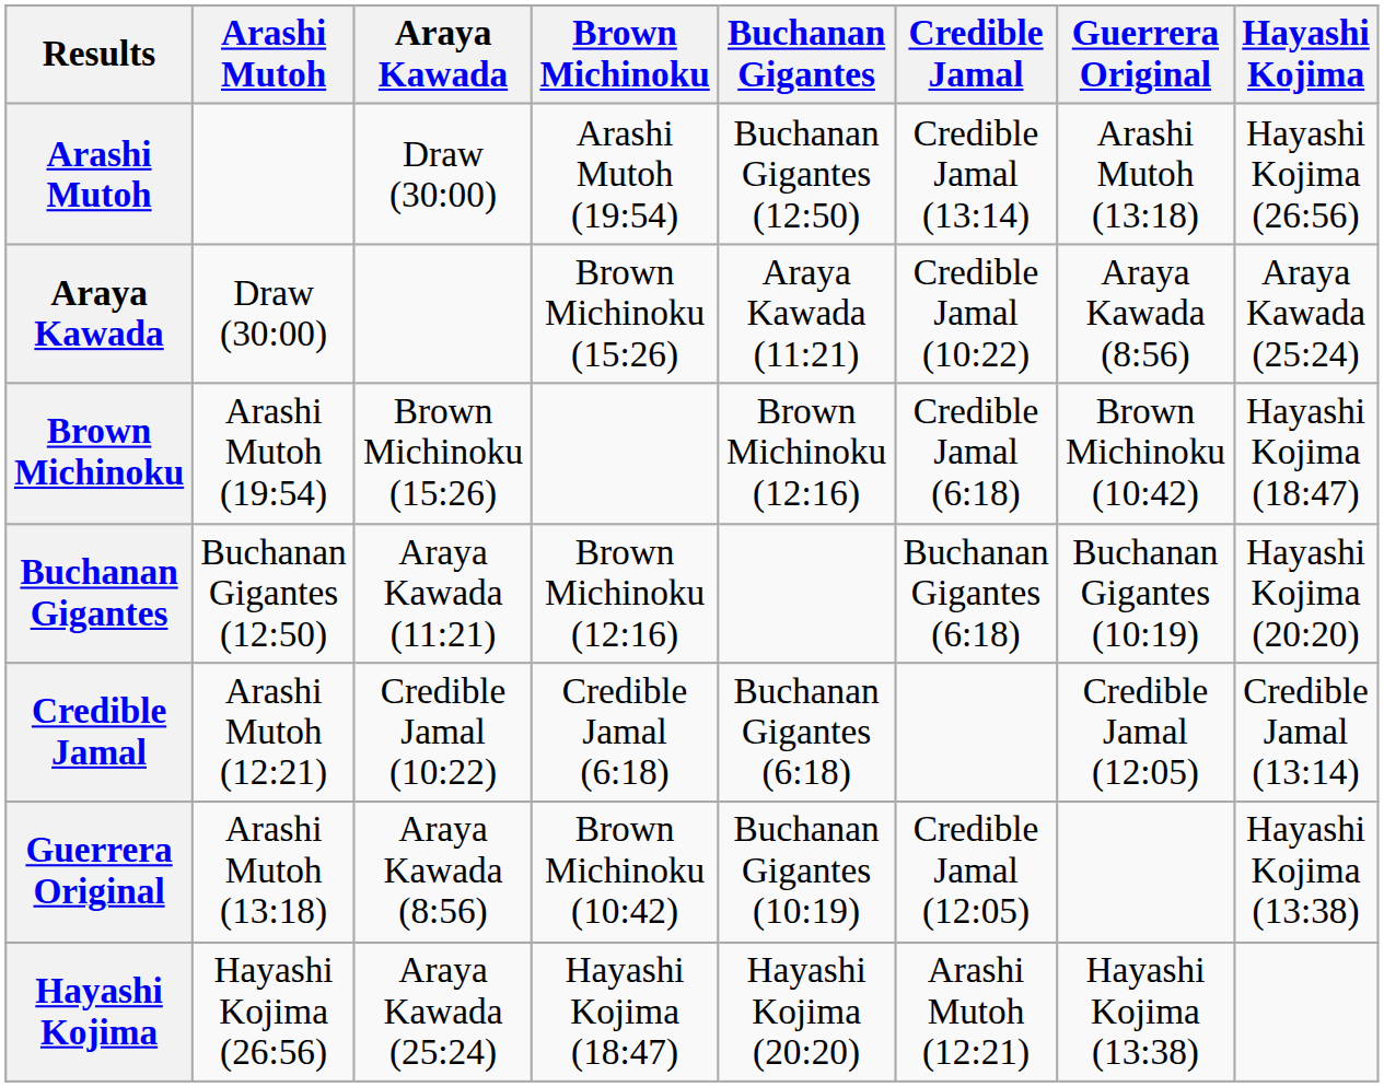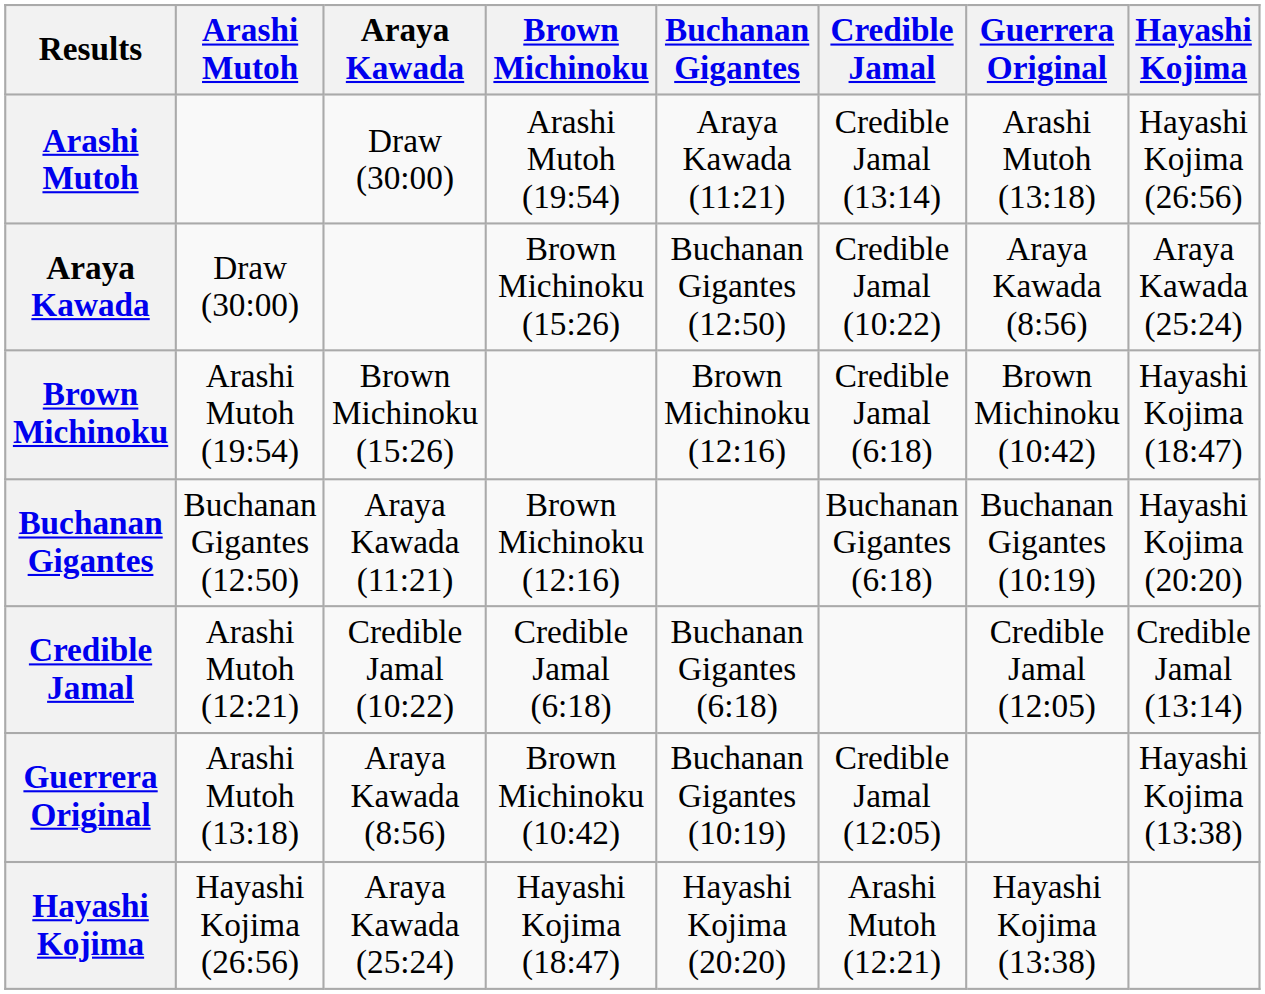 <table class="wikitable" style="text-align:center; margin: 1em auto 1em auto">
 <tr>
 <th>Results</th>
 <th><a href='#'>Arashi</a><br><a href='#'>Mutoh</a></th>
 <th>Araya<br><a href='#'>Kawada</a></th>
 <th><a href='#'>Brown</a><br><a href='#'>Michinoku</a></th>
 <th><a href='#'>Buchanan</a><br><a href='#'>Gigantes</a></th>
 <th><a href='#'>Credible</a><br><a href='#'>Jamal</a></th>
 <th><a href='#'>Guerrera</a><br><a href='#'>Original</a></th>
 <th><a href='#'>Hayashi</a><br><a href='#'>Kojima</a></th>
 </tr>
 <tr>
 <th><a href='#'>Arashi</a><br><a href='#'>Mutoh</a></th>
 <td></td>
 <td>Draw<br>(30:00)</td>
 <td>Arashi<br>Mutoh<br>(19:54)</td>
-<td>Buchanan<br>Gigantes<br>(12:50)</td>
+<td>Araya<br>Kawada<br>(11:21)</td>
 <td>Credible<br>Jamal<br>(13:14)</td>
 <td>Arashi<br>Mutoh<br>(13:18)</td>
 <td>Hayashi<br>Kojima<br>(26:56)</td>
 </tr>
 <tr>
 <th>Araya<br><a href='#'>Kawada</a></th>
 <td>Draw<br>(30:00)</td>
 <td></td>
 <td>Brown<br>Michinoku<br>(15:26)</td>
-<td>Araya<br>Kawada<br>(11:21)</td>
+<td>Buchanan<br>Gigantes<br>(12:50)</td>
 <td>Credible<br>Jamal<br>(10:22)</td>
 <td>Araya<br>Kawada<br>(8:56)</td>
 <td>Araya<br>Kawada<br>(25:24)</td>
 </tr>
 <tr>
 <th><a href='#'>Brown</a><br><a href='#'>Michinoku</a></th>
 <td>Arashi<br>Mutoh<br>(19:54)</td>
 <td>Brown<br>Michinoku<br>(15:26)</td>
 <td></td>
 <td>Brown<br>Michinoku<br>(12:16)</td>
 <td>Credible<br>Jamal<br>(6:18)</td>
 <td>Brown<br>Michinoku<br>(10:42)</td>
 <td>Hayashi<br>Kojima<br>(18:47)</td>
 </tr>
 <tr>
 <th><a href='#'>Buchanan</a><br><a href='#'>Gigantes</a></th>
 <td>Buchanan<br>Gigantes<br>(12:50)</td>
 <td>Araya<br>Kawada<br>(11:21)</td>
 <td>Brown<br>Michinoku<br>(12:16)</td>
 <td></td>
 <td>Buchanan<br>Gigantes<br>(6:18)</td>
 <td>Buchanan<br>Gigantes<br>(10:19)</td>
 <td>Hayashi<br>Kojima<br>(20:20)</td>
 </tr>
 <tr>
 <th><a href='#'>Credible</a><br><a href='#'>Jamal</a></th>
 <td>Arashi<br>Mutoh<br>(12:21)</td>
 <td>Credible<br>Jamal<br>(10:22)</td>
 <td>Credible<br>Jamal<br>(6:18)</td>
 <td>Buchanan<br>Gigantes<br>(6:18)</td>
 <td></td>
 <td>Credible<br>Jamal<br>(12:05)</td>
 <td>Credible<br>Jamal<br>(13:14)</td>
 </tr>
 <tr>
 <th><a href='#'>Guerrera</a><br><a href='#'>Original</a></th>
 <td>Arashi<br>Mutoh<br>(13:18)</td>
 <td>Araya<br>Kawada<br>(8:56)</td>
 <td>Brown<br>Michinoku<br>(10:42)</td>
 <td>Buchanan<br>Gigantes<br>(10:19)</td>
 <td>Credible<br>Jamal<br>(12:05)</td>
 <td></td>
 <td>Hayashi<br>Kojima<br>(13:38)</td>
 </tr>
 <tr>
 <th><a href='#'>Hayashi</a><br><a href='#'>Kojima</a></th>
 <td>Hayashi<br>Kojima<br>(26:56)</td>
 <td>Araya<br>Kawada<br>(25:24)</td>
 <td>Hayashi<br>Kojima<br>(18:47)</td>
 <td>Hayashi<br>Kojima<br>(20:20)</td>
 <td>Arashi<br>Mutoh<br>(12:21)</td>
 <td>Hayashi<br>Kojima<br>(13:38)</td>
 <td></td>
 </tr>
 </table>
